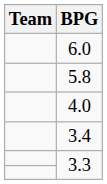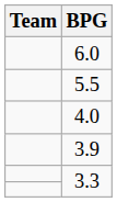 <table class=wikitable>
 <tr>
 <th>Team</th>
 <th>BPG</th>
 </tr>
 <tr>
 <td></td>
 <td align=center>6.0</td>
 </tr>
 <tr>
 <td></td>
-<td align=center>5.8</td>
+<td align=center>5.5</td>
 </tr>
 <tr>
 <td></td>
 <td align=center>4.0</td>
 </tr>
 <tr>
 <td></td>
-<td align=center>3.4</td>
+<td align=center>3.9</td>
 </tr>
 <tr>
 <td></td>
 <td align=center rowspan=2>3.3</td>
 </tr>
 <tr>
 <td></td>
 </tr>
 </table>
